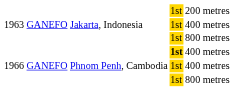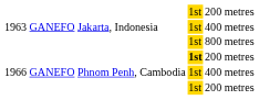 <table>
 <tr>
 <td rowspan=3>1963</td>
 <td rowspan=3><a href='#'>GANEFO</a></td>
 <td rowspan=3><a href='#'>Jakarta</a>, Indonesia</td>
 <td bgcolor=gold>1st</td>
 <td>200 metres</td>
 </tr>
 <tr>
 <td bgcolor=gold>1st</td>
 <td>400 metres</td>
 </tr>
 <tr>
 <td bgcolor=gold>1st</td>
 <td>800 metres</td>
 </tr>
 <tr>
 <td rowspan=3>1966</td>
 <td rowspan=3><a href='#'>GANEFO</a></td>
 <td rowspan=3><a href='#'>Phnom Penh</a>, Cambodia</td>
 <td bgcolor=gold><strong>1st</strong></td>
-<td>400 metres</td>
+<td>200 metres</td>
 </tr>
 <tr>
 <td bgcolor=gold>1st</td>
 <td>400 metres</td>
 </tr>
 <tr>
 <td bgcolor=gold>1st</td>
-<td>800 metres</td>
+<td>200 metres</td>
 </tr>
 </table>
